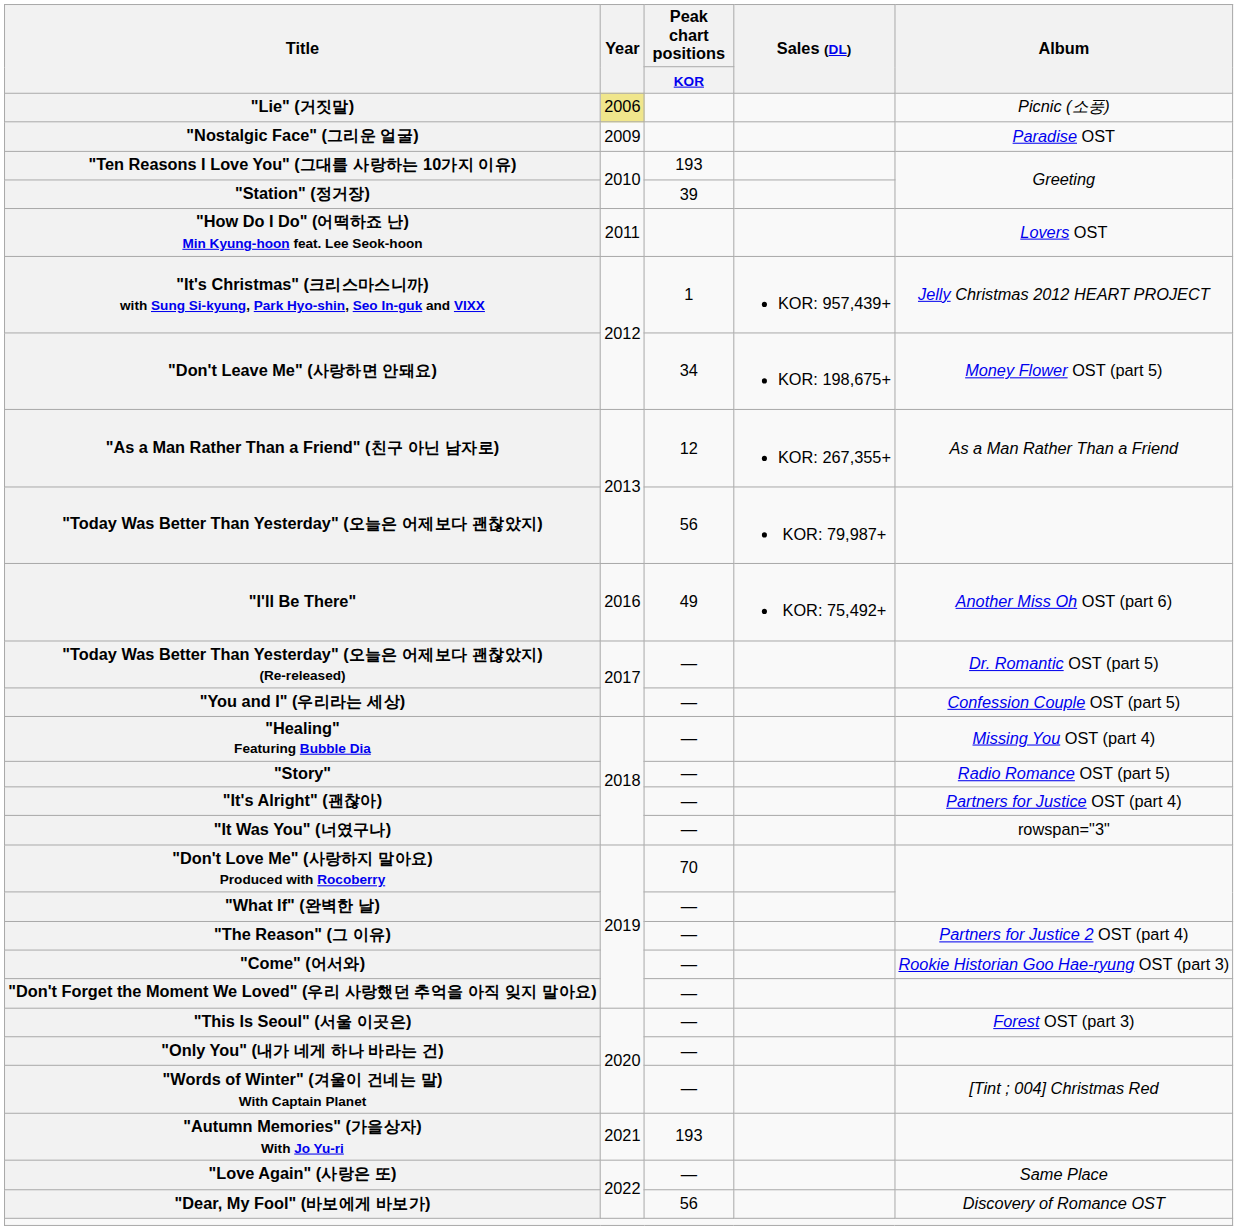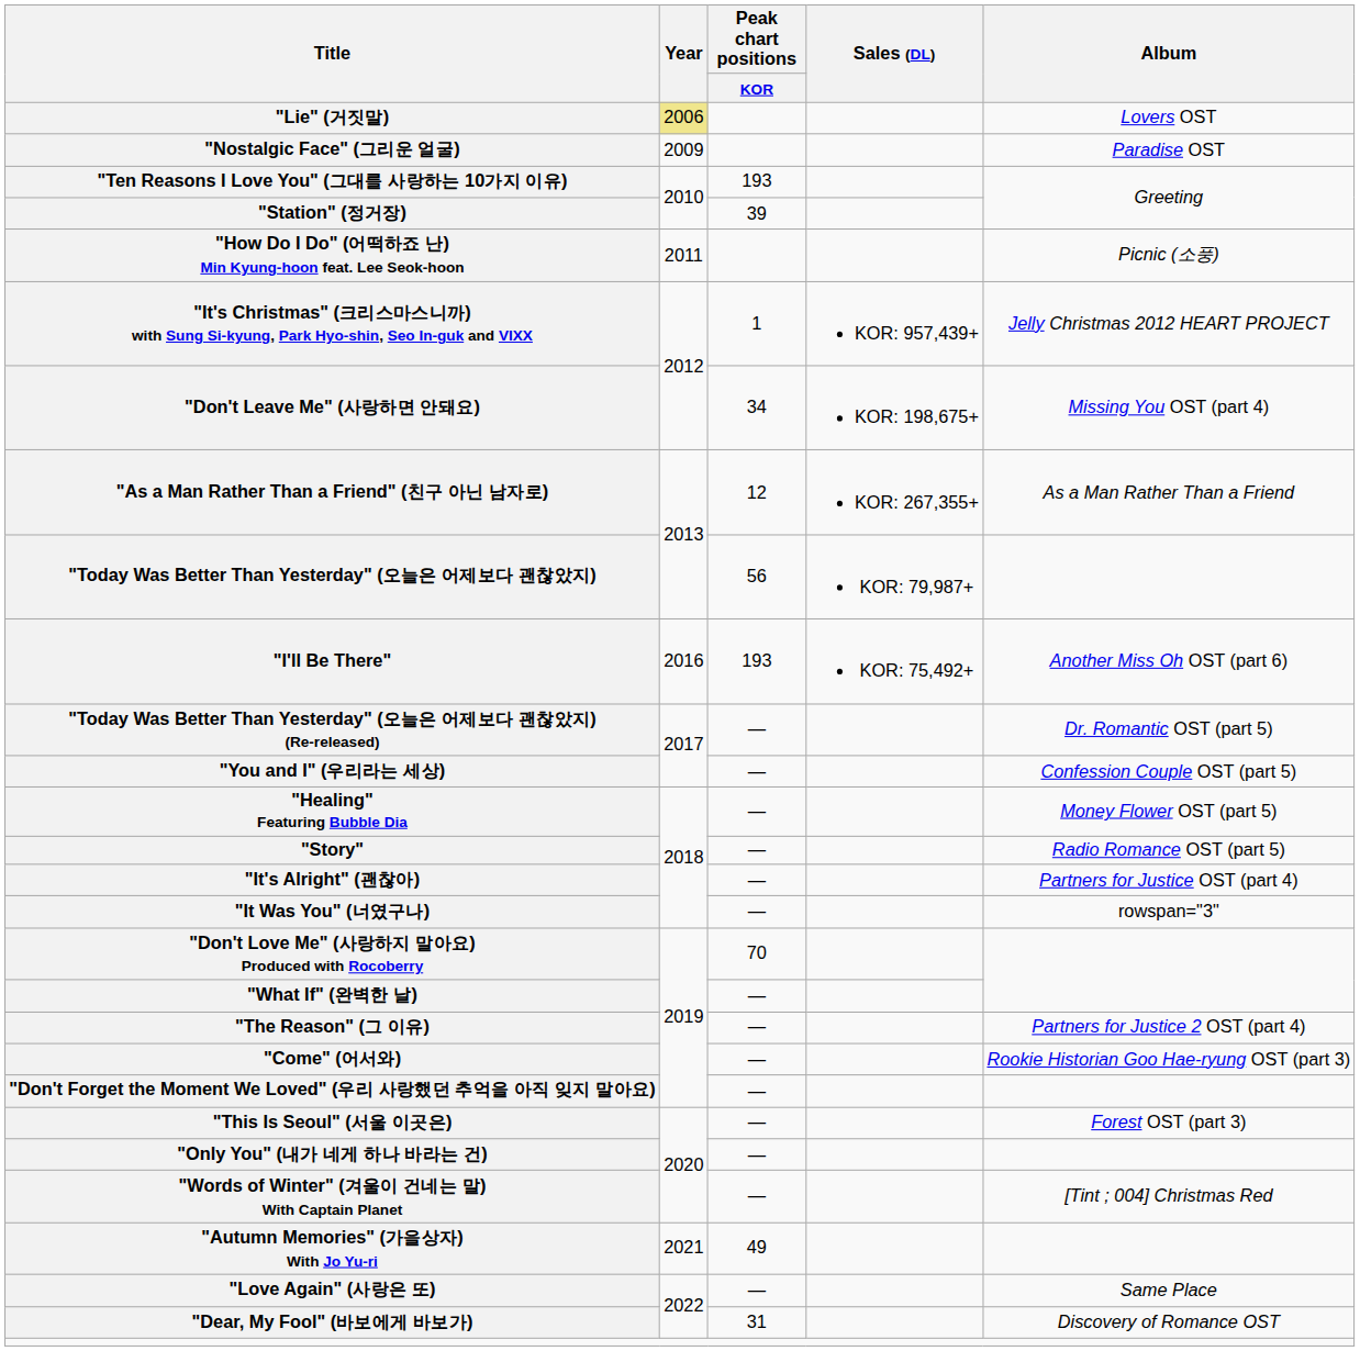 <table class="wikitable plainrowheaders" style="text-align:center;">
 <tr>
 <th scope="col" rowspan="2">Title</th>
 <th scope="col" rowspan="2">Year</th>
 <th scope="col" colspan="1" style="width:5em;">Peak chart positions</th>
 <th scope="col" rowspan="2">Sales <small>(<a href='#'>DL</a>)</small></th>
 <th scope="col" rowspan="2">Album</th>
 </tr>
 <tr>
 <th><small><a href='#'>KOR</a></small><br></th>
 </tr>
 <tr>
 <th scope="row">"Lie" (거짓말)</th>
 <td style="background: khaki;">2006</td>
 <td></td>
 <td></td>
-<td><em>Picnic (소풍)</em></td>
+<td><em><a href='#'>Lovers</a></em> OST</td>
 </tr>
 <tr>
 <th scope="row">"Nostalgic Face" (그리운 얼굴)</th>
 <td>2009</td>
 <td></td>
 <td></td>
 <td><em><a href='#'>Paradise</a></em> OST</td>
 </tr>
 <tr>
 <th scope="row">"Ten Reasons I Love You" (그대를 사랑하는 10가지 이유)</th>
 <td rowspan="2">2010</td>
 <td>193</td>
 <td></td>
 <td rowspan="2"><em>Greeting</em></td>
 </tr>
 <tr>
 <th scope="row">"Station" (정거장)</th>
 <td>39</td>
 <td></td>
 </tr>
 <tr>
 <th scope="row">"How Do I Do" (어떡하죠 난)<br><small><a href='#'>Min Kyung-hoon</a> feat. Lee Seok-hoon</small></th>
 <td>2011</td>
 <td></td>
 <td></td>
-<td><em><a href='#'>Lovers</a></em> OST</td>
+<td><em>Picnic (소풍)</em></td>
 </tr>
 <tr>
 <th scope="row">"It's Christmas" (크리스마스니까)<br><small>with <a href='#'>Sung Si-kyung</a>, <a href='#'>Park Hyo-shin</a>, <a href='#'>Seo In-guk</a> and <a href='#'>VIXX</a></small></th>
 <td rowspan="2">2012</td>
 <td>1</td>
 <td><br><ul><li>KOR: 957,439+</li></ul></td>
 <td><em><a href='#'>Jelly</a> Christmas 2012 HEART PROJECT</em></td>
 </tr>
 <tr>
 <th scope="row">"Don't Leave Me" (사랑하면 안돼요)</th>
 <td>34</td>
 <td><br><ul><li>KOR: 198,675+</li></ul></td>
-<td><em><a href='#'>Money Flower</a></em> OST (part 5)</td>
+<td><em><a href='#'>Missing You</a></em> OST (part 4)</td>
 </tr>
 <tr>
 <th scope="row">"As a Man Rather Than a Friend" (친구 아닌 남자로)</th>
 <td rowspan="2">2013</td>
 <td>12</td>
 <td><br><ul><li>KOR: 267,355+</li></ul></td>
 <td><em>As a Man Rather Than a Friend</em></td>
 </tr>
 <tr>
 <th scope="row">"Today Was Better Than Yesterday" (오늘은 어제보다 괜찮았지)</th>
 <td>56</td>
 <td><br><ul><li>KOR: 79,987+</li></ul></td>
 <td></td>
 </tr>
 <tr>
 <th scope="row">"I'll Be There"</th>
 <td>2016</td>
-<td>49</td>
+<td>193</td>
 <td><br><ul><li>KOR: 75,492+</li></ul></td>
 <td><em><a href='#'>Another Miss Oh</a></em> OST (part 6)</td>
 </tr>
 <tr>
 <th scope="row">"Today Was Better Than Yesterday" (오늘은 어제보다 괜찮았지)<br><small>(Re-released)</small></th>
 <td rowspan="2">2017</td>
 <td>—</td>
 <td></td>
 <td><em><a href='#'>Dr. Romantic</a></em> OST (part 5)</td>
 </tr>
 <tr>
 <th scope="row">"You and I" (우리라는 세상)</th>
 <td>—</td>
 <td></td>
 <td><em><a href='#'>Confession Couple</a></em> OST (part 5)</td>
 </tr>
 <tr>
 <th scope="row">"Healing"<br><small>Featuring <a href='#'>Bubble Dia</a></small></th>
 <td rowspan="4">2018</td>
 <td>—</td>
 <td></td>
-<td><em><a href='#'>Missing You</a></em> OST (part 4)</td>
+<td><em><a href='#'>Money Flower</a></em> OST (part 5)</td>
 </tr>
 <tr>
 <th scope="row">"Story"</th>
 <td>—</td>
 <td></td>
 <td><em><a href='#'>Radio Romance</a></em> OST (part 5)</td>
 </tr>
 <tr>
 <th scope="row">"It's Alright" (괜찮아)</th>
 <td>—</td>
 <td></td>
 <td><em><a href='#'>Partners for Justice</a></em> OST (part 4)</td>
 </tr>
 <tr>
 <th scope="row">"It Was You" (너였구나)</th>
 <td>—</td>
 <td></td>
 <td>rowspan="3" </td>
 </tr>
 <tr>
 <th scope="row">"Don't Love Me" (사랑하지 말아요)<br><small>Produced with <a href='#'>Rocoberry</a></small></th>
 <td rowspan="5">2019</td>
 <td>70</td>
 <td></td>
 </tr>
 <tr>
 <th scope="row">"What If" (완벽한 날)</th>
 <td>—</td>
 <td></td>
 </tr>
 <tr>
 <th scope="row">"The Reason" (그 이유)</th>
 <td>—</td>
 <td></td>
 <td><em><a href='#'>Partners for Justice 2</a></em> OST (part 4)</td>
 </tr>
 <tr>
 <th scope="row">"Come" (어서와)</th>
 <td>—</td>
 <td></td>
 <td><em><a href='#'>Rookie Historian Goo Hae-ryung</a></em> OST (part 3)</td>
 </tr>
 <tr>
 <th scope="row">"Don't Forget the Moment We Loved" (우리 사랑했던 추억을 아직 잊지 말아요)</th>
 <td>—</td>
 <td></td>
 <td></td>
 </tr>
 <tr>
 <th scope="row">"This Is Seoul" (서울 이곳은)</th>
 <td rowspan="3">2020</td>
 <td>—</td>
 <td></td>
 <td><em><a href='#'>Forest</a></em> OST (part 3)</td>
 </tr>
 <tr>
 <th scope="row">"Only You" (내가 네게 하나 바라는 건)</th>
 <td>—</td>
 <td></td>
 <td></td>
 </tr>
 <tr>
 <th scope="row">"Words of Winter" (겨울이 건네는 말)<br><small>With Captain Planet</small></th>
 <td>—</td>
 <td></td>
 <td><em>[Tint ; 004] Christmas Red</em></td>
 </tr>
 <tr>
 <th scope="row">"Autumn Memories" (가을상자)<br><small>With <a href='#'>Jo Yu-ri</a></small></th>
 <td>2021</td>
-<td>193</td>
+<td>49</td>
 <td></td>
 <td></td>
 </tr>
 <tr>
 <th scope="row">"Love Again" (사랑은 또)</th>
 <td rowspan=2>2022</td>
 <td>—</td>
 <td></td>
 <td><em>Same Place</em></td>
 </tr>
 <tr>
 <th scope="row">"Dear, My Fool" (바보에게 바보가)</th>
-<td>56</td>
+<td>31</td>
 <td></td>
 <td><em>Discovery of Romance OST</em></td>
 </tr>
 <tr>
 <td colspan="5"></td>
 </tr>
 </table>
